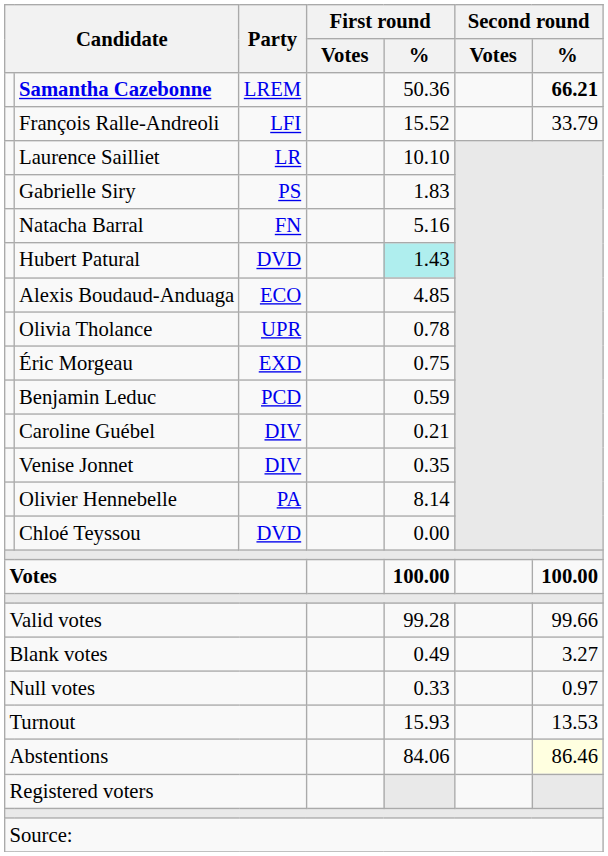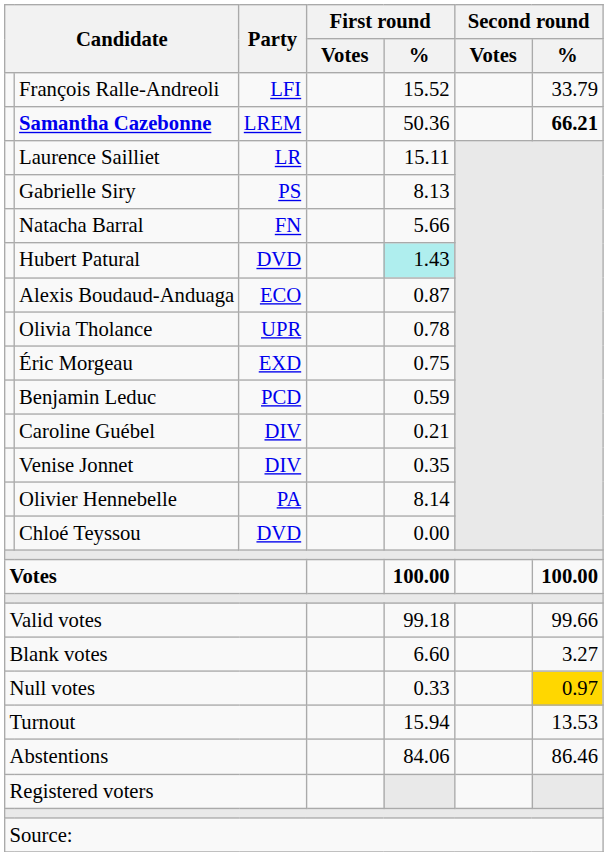 <table class="wikitable" style="text-align:right;font-size:95%;">
 <tr>
 <th rowspan="2" colspan="2">Candidate</th>
 <th rowspan="2">Party</th>
 <th colspan="2">First round</th>
 <th colspan="2">Second round</th>
 </tr>
 <tr>
 <th style="width:50px;">Votes</th>
 <th style="width:45px;">%</th>
 <th style="width:50px;">Votes</th>
 <th style="width:45px;">%</th>
 </tr>
 <tr>
 <td style="background:"></td>
+<td style="text-align:left;">François Ralle-Andreoli</td>
+<td><a href='#'>LFI</a></td>
+<td></td>
+<td>15.52</td>
+<td></td>
+<td>33.79</td>
+</tr>
+<tr>
+<td style="background:"></td>
 <td style="text-align:left;"><strong><a href='#'>Samantha Cazebonne</a></strong></td>
 <td><a href='#'>LREM</a></td>
 <td></td>
 <td>50.36</td>
 <td><strong></strong></td>
 <td><strong>66.21</strong></td>
 </tr>
 <tr>
 <td style="background:"></td>
-<td style="text-align:left;">François Ralle-Andreoli</td>
-<td><a href='#'>LFI</a></td>
-<td></td>
-<td>15.52</td>
-<td></td>
-<td>33.79</td>
-</tr>
-<tr>
-<td style="background:"></td>
 <td style="text-align:left;">Laurence Sailliet</td>
 <td><a href='#'>LR</a></td>
 <td></td>
-<td>10.10</td>
+<td>15.11</td>
 <td colspan="2" rowspan="12" style="background:#E9E9E9;"></td>
 </tr>
 <tr>
 <td style="background:"></td>
 <td style="text-align:left;">Gabrielle Siry</td>
 <td><a href='#'>PS</a></td>
 <td></td>
-<td>1.83</td>
+<td>8.13</td>
 </tr>
 <tr>
 <td style="background:"></td>
 <td style="text-align:left;">Natacha Barral</td>
 <td><a href='#'>FN</a></td>
 <td></td>
-<td>5.16</td>
+<td>5.66</td>
 </tr>
 <tr>
 <td style="background:"></td>
 <td style="text-align:left;">Hubert Patural</td>
 <td><a href='#'>DVD</a></td>
 <td></td>
 <td style="background: paleturquoise;">1.43</td>
 </tr>
 <tr>
 <td style="background:"></td>
 <td style="text-align:left;">Alexis Boudaud-Anduaga</td>
 <td><a href='#'>ECO</a></td>
 <td></td>
-<td>4.85</td>
+<td>0.87</td>
 </tr>
 <tr>
 <td style="background:"></td>
 <td style="text-align:left;">Olivia Tholance</td>
 <td><a href='#'>UPR</a></td>
 <td></td>
 <td>0.78</td>
 </tr>
 <tr>
 <td style="background:"></td>
 <td style="text-align:left;">Éric Morgeau</td>
 <td><a href='#'>EXD</a></td>
 <td></td>
 <td>0.75</td>
 </tr>
 <tr>
 <td style="background:"></td>
 <td style="text-align:left;">Benjamin Leduc</td>
 <td><a href='#'>PCD</a></td>
 <td></td>
 <td>0.59</td>
 </tr>
 <tr>
 <td style="background:"></td>
 <td style="text-align:left;">Caroline Guébel</td>
 <td><a href='#'>DIV</a></td>
 <td></td>
 <td>0.21</td>
 </tr>
 <tr>
 <td style="background:"></td>
 <td style="text-align:left;">Venise Jonnet</td>
 <td><a href='#'>DIV</a></td>
 <td></td>
 <td>0.35</td>
 </tr>
 <tr>
 <td style="background:"></td>
 <td style="text-align:left;">Olivier Hennebelle</td>
 <td><a href='#'>PA</a></td>
 <td></td>
 <td>8.14</td>
 </tr>
 <tr>
 <td style="background:"></td>
 <td style="text-align:left;">Chloé Teyssou</td>
 <td><a href='#'>DVD</a></td>
 <td></td>
 <td>0.00</td>
 </tr>
 <tr>
 <td colspan="7" style="background:#E9E9E9;"></td>
 </tr>
 <tr style="font-weight:bold;">
 <td colspan="3" style="text-align:left;">Votes</td>
 <td></td>
 <td>100.00</td>
 <td></td>
 <td>100.00</td>
 </tr>
 <tr>
 <td colspan="7" style="background:#E9E9E9;"></td>
 </tr>
 <tr>
 <td colspan="3" style="text-align:left;">Valid votes</td>
 <td></td>
-<td>99.28</td>
+<td>99.18</td>
 <td></td>
 <td>99.66</td>
 </tr>
 <tr>
 <td colspan="3" style="text-align:left;">Blank votes</td>
 <td></td>
-<td>0.49</td>
+<td>6.60</td>
 <td></td>
 <td>3.27</td>
 </tr>
 <tr>
 <td colspan="3" style="text-align:left;">Null votes</td>
 <td></td>
 <td>0.33</td>
 <td></td>
-<td>0.97</td>
+<td style="background: gold;">0.97</td>
 </tr>
 <tr>
 <td colspan="3" style="text-align:left;">Turnout</td>
 <td></td>
-<td>15.93</td>
+<td>15.94</td>
 <td></td>
 <td>13.53</td>
 </tr>
 <tr>
 <td colspan="3" style="text-align:left;">Abstentions</td>
 <td></td>
 <td>84.06</td>
 <td></td>
-<td style="background: lightyellow;">86.46</td>
+<td>86.46</td>
 </tr>
 <tr>
 <td colspan="3" style="text-align:left;">Registered voters</td>
 <td></td>
 <td style="background:#E9E9E9;"></td>
 <td></td>
 <td style="background:#E9E9E9;"></td>
 </tr>
 <tr>
 <td colspan="7" style="background:#E9E9E9;"></td>
 </tr>
 <tr>
 <td colspan="7" style="text-align:left;">Source: </td>
 </tr>
 </table>
